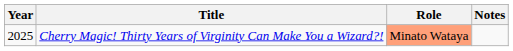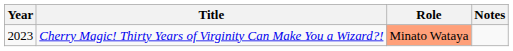 <table class="wikitable sortable">
 <tr>
 <th>Year</th>
 <th>Title</th>
 <th>Role</th>
 <th class="unsortable">Notes</th>
 </tr>
 <tr>
-<td>2025</td>
+<td>2023</td>
 <td><em><a href='#'>Cherry Magic! Thirty Years of Virginity Can Make You a Wizard?!</a></em></td>
 <td style="background: lightsalmon;">Minato Wataya</td>
 <td></td>
 </tr>
 </table>
